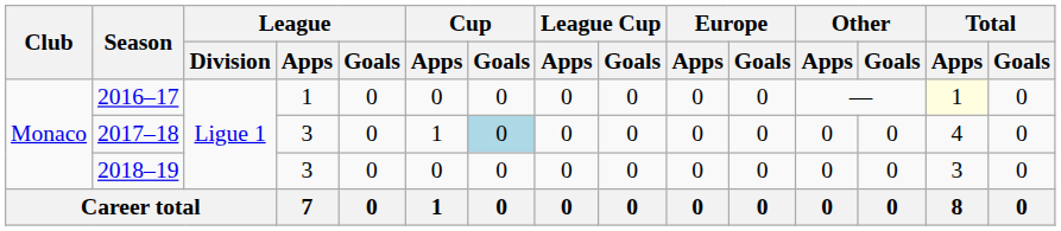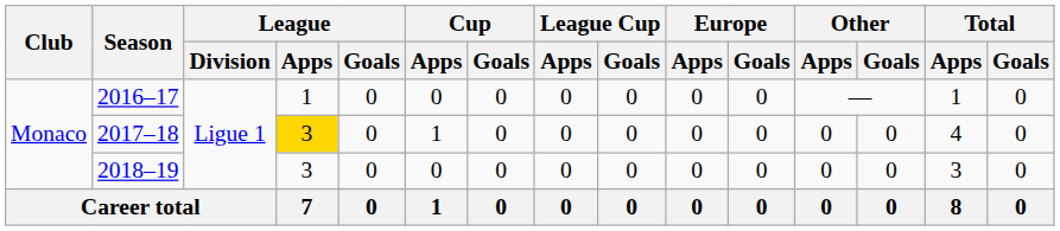 <table class="wikitable" style="text-align: center;">
 <tr>
 <th rowspan="2">Club</th>
 <th rowspan="2">Season</th>
 <th colspan="3">League</th>
 <th colspan="2">Cup</th>
 <th colspan="2">League Cup</th>
 <th colspan="2">Europe</th>
 <th colspan="2">Other</th>
 <th colspan="2">Total</th>
 </tr>
 <tr>
 <th>Division</th>
 <th>Apps</th>
 <th>Goals</th>
 <th>Apps</th>
 <th>Goals</th>
 <th>Apps</th>
 <th>Goals</th>
 <th>Apps</th>
 <th>Goals</th>
 <th>Apps</th>
 <th>Goals</th>
 <th>Apps</th>
 <th>Goals</th>
 </tr>
 <tr>
 <td rowspan="3"><a href='#'>Monaco</a></td>
 <td><a href='#'>2016–17</a></td>
 <td rowspan="3"><a href='#'>Ligue 1</a></td>
 <td>1</td>
 <td>0</td>
 <td>0</td>
 <td>0</td>
 <td>0</td>
 <td>0</td>
 <td>0</td>
 <td>0</td>
 <td colspan=2>—</td>
-<td style="background: lightyellow;">1</td>
+<td>1</td>
 <td>0</td>
 </tr>
 <tr>
 <td><a href='#'>2017–18</a></td>
-<td>3</td>
+<td style="background: gold;">3</td>
 <td>0</td>
 <td>1</td>
-<td style="background: lightblue;">0</td>
+<td>0</td>
 <td>0</td>
 <td>0</td>
 <td>0</td>
 <td>0</td>
 <td>0</td>
 <td>0</td>
 <td>4</td>
 <td>0</td>
 </tr>
 <tr>
 <td><a href='#'>2018–19</a></td>
 <td>3</td>
 <td>0</td>
 <td>0</td>
 <td>0</td>
 <td>0</td>
 <td>0</td>
 <td>0</td>
 <td>0</td>
 <td>0</td>
 <td>0</td>
 <td>3</td>
 <td>0</td>
 </tr>
 <tr>
 <th colspan="3">Career total</th>
 <th>7</th>
 <th>0</th>
 <th>1</th>
 <th>0</th>
 <th>0</th>
 <th>0</th>
 <th>0</th>
 <th>0</th>
 <th>0</th>
 <th>0</th>
 <th>8</th>
 <th>0</th>
 </tr>
 </table>
